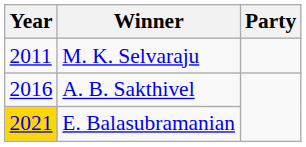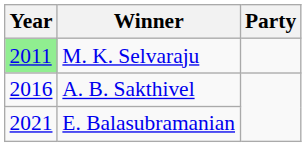 <table class="wikitable">
 <tr>
 <th>Year</th>
 <th>Winner</th>
 <th colspan="2">Party</th>
 </tr>
 <tr>
-<td><a href='#'>2011</a></td>
+<td style="background: lightgreen;"><a href='#'>2011</a></td>
 <td><a href='#'>M. K. Selvaraju</a></td>
 <td></td>
 </tr>
 <tr>
 <td><a href='#'>2016</a></td>
 <td><a href='#'>A. B. Sakthivel</a></td>
 </tr>
 <tr>
-<td style="background: gold;"><a href='#'>2021</a></td>
+<td><a href='#'>2021</a></td>
 <td><a href='#'>E. Balasubramanian</a></td>
 </tr>
 </table>
